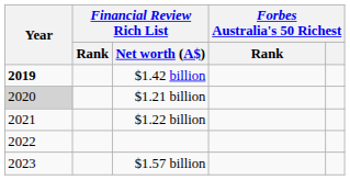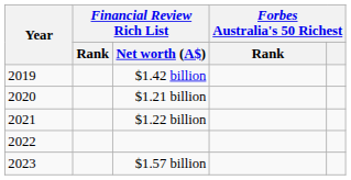 <table class="wikitable">
 <tr>
 <th rowspan=2>Year</th>
 <th colspan=2 width=40%><em><a href='#'>Financial Review</a></em><br><a href='#'>Rich List</a></th>
 <th colspan=2 width=40%><em><a href='#'>Forbes</a></em><br><a href='#'>Australia's 50 Richest</a></th>
 </tr>
 <tr>
 <th>Rank</th>
 <th><a href='#'>Net worth</a> (<a href='#'>A$</a>)</th>
 <th>Rank</th>
 <th></th>
 </tr>
 <tr>
-<td><strong>2019</strong></td>
+<td>2019</td>
 <td align="center"></td>
 <td align="right">$1.42 <a href='#'>billion</a> </td>
 <td align="center"></td>
 <td align="right"></td>
 </tr>
 <tr>
-<td style="background: lightgrey;">2020</td>
+<td>2020</td>
 <td align="center"></td>
 <td align="right">$1.21 billion </td>
 <td align="center"></td>
 <td align="right"></td>
 </tr>
 <tr>
 <td>2021</td>
 <td align="center"></td>
 <td align="right">$1.22 billion </td>
 <td align="center"></td>
 <td align="right"></td>
 </tr>
 <tr>
 <td>2022</td>
 <td align="center"></td>
 <td align="right"></td>
 <td align="center"></td>
 <td align="right"></td>
 </tr>
 <tr>
 <td>2023</td>
 <td align="center"></td>
 <td align="right">$1.57 billion </td>
 <td align="center"></td>
 <td align="right"></td>
 </tr>
 </table>
